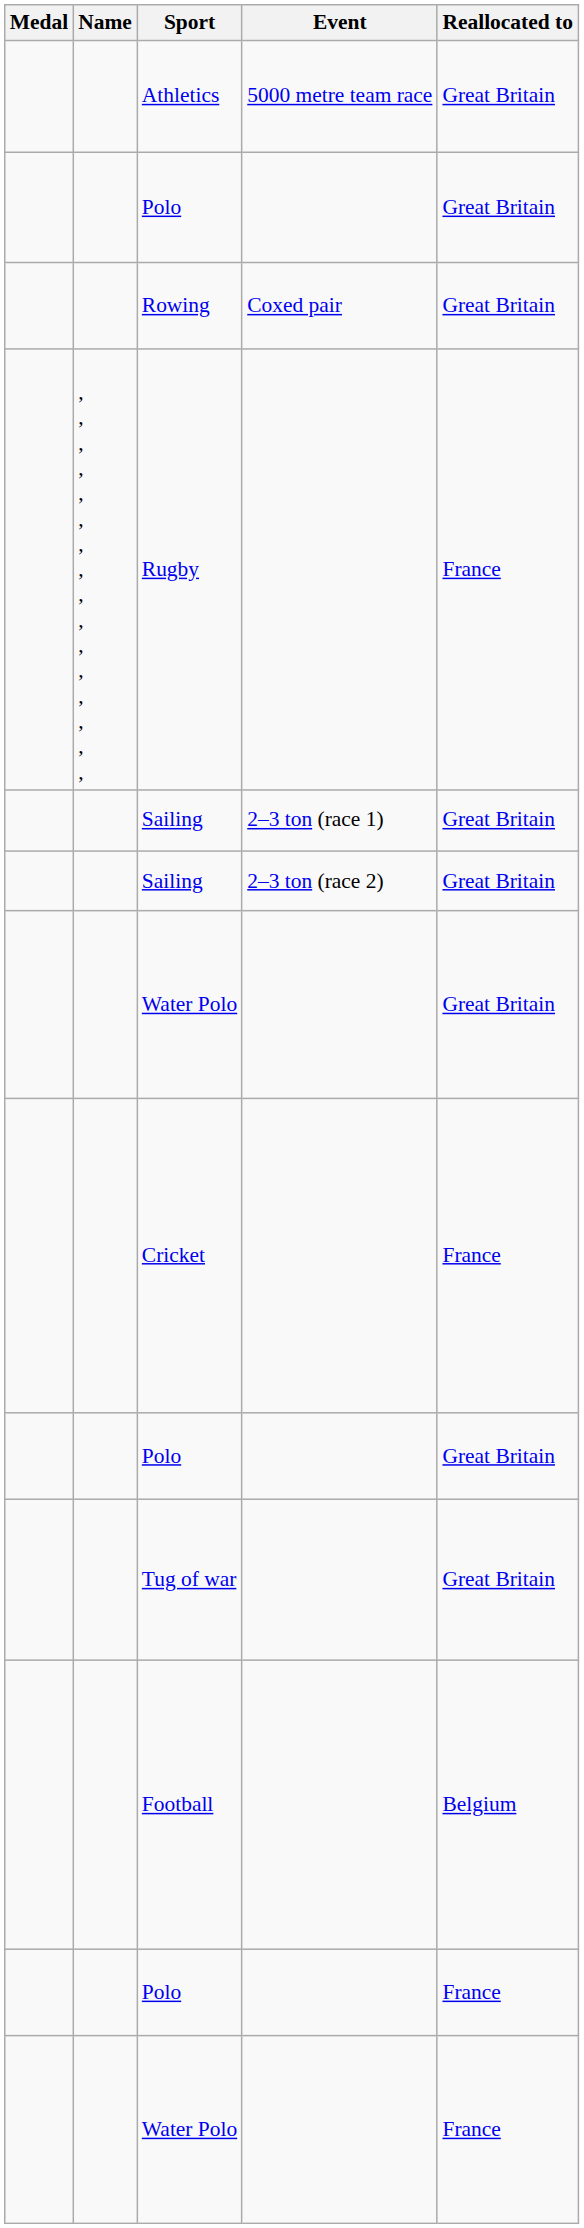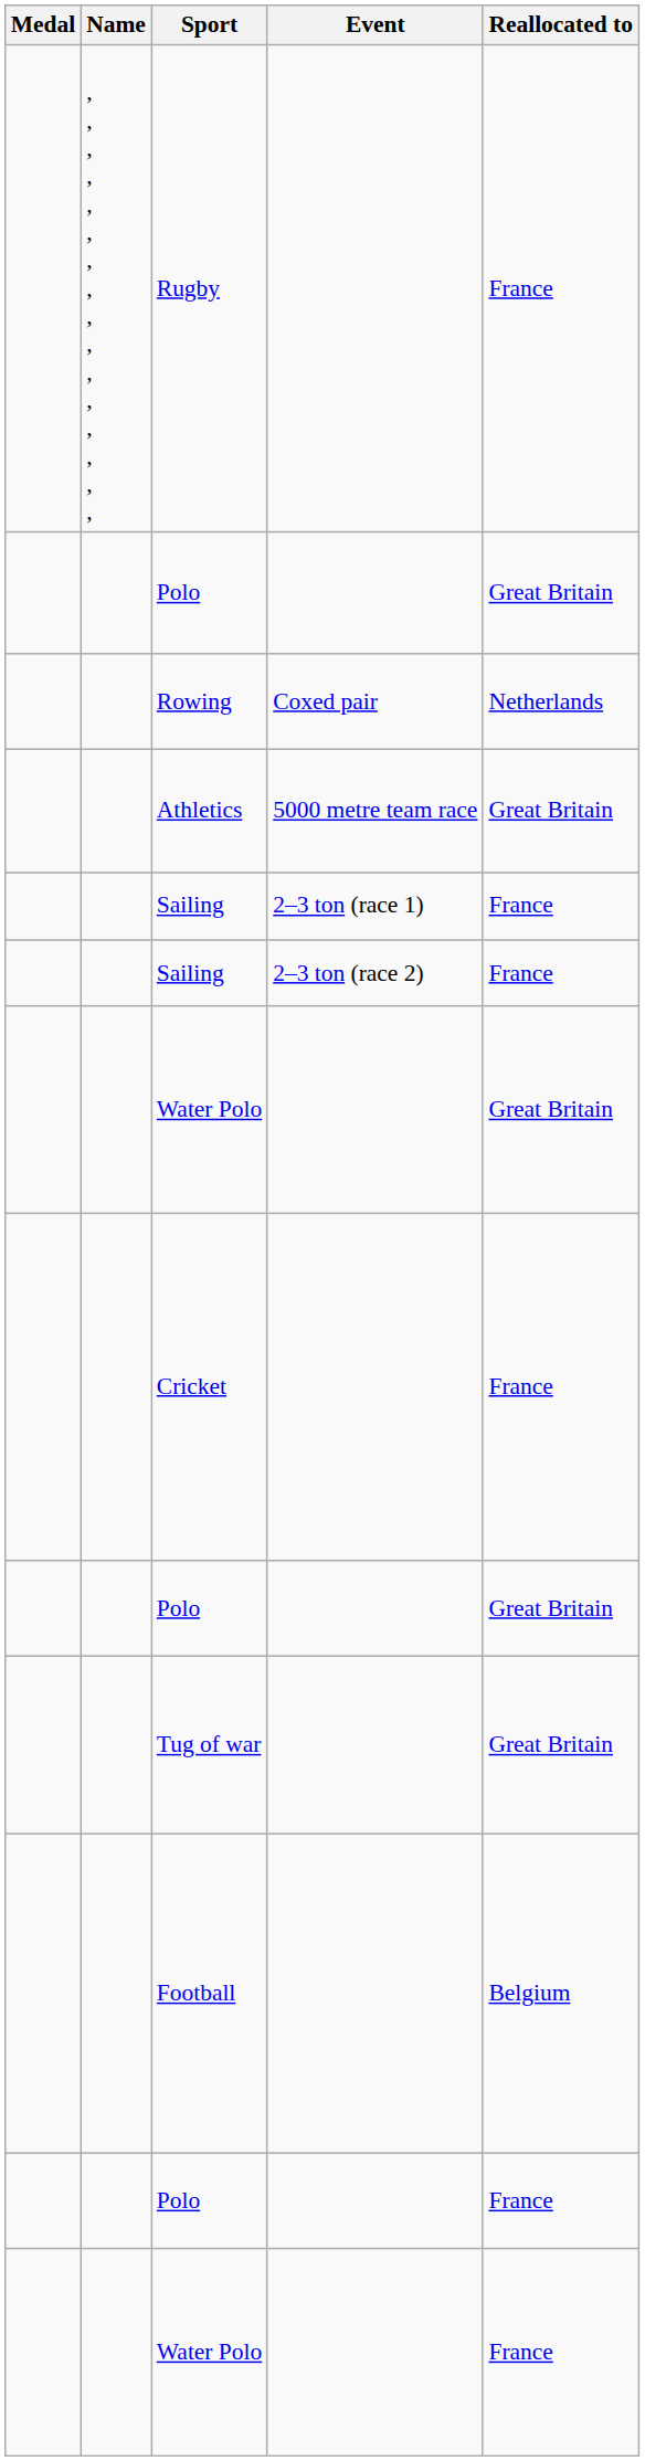 <table class="wikitable sortable" style="font-size:90%">
 <tr>
 <th>Medal</th>
 <th>Name</th>
 <th>Sport</th>
 <th>Event</th>
 <th>Reallocated to</th>
 </tr>
 <tr>
 <td></td>
-<td> <br> <br> <br> <br></td>
-<td><a href='#'>Athletics</a></td>
-<td><a href='#'>5000 metre team race</a></td>
-<td><a href='#'>Great Britain</a></td>
+<td><br>,<br> ,<br>  ,<br>  ,<br>  ,<br>  ,<br>  ,<br> ,<br> ,<br> ,<br>  ,<br> ,<br> ,<br>  ,<br>  ,<br>  ,<br>  </td>
+<td><a href='#'>Rugby</a></td>
+<td></td>
+<td><a href='#'>France</a></td>
 </tr>
 <tr>
 <td></td>
 <td> <br> <br> <br><br></td>
 <td><a href='#'>Polo</a></td>
 <td></td>
 <td><a href='#'>Great Britain</a></td>
 </tr>
 <tr>
 <td></td>
 <td> <br> <br> <br></td>
 <td><a href='#'>Rowing</a></td>
 <td><a href='#'>Coxed pair</a></td>
+<td><a href='#'>Netherlands</a></td>
+</tr>
+<tr>
+<td></td>
+<td> <br> <br> <br> <br></td>
+<td><a href='#'>Athletics</a></td>
+<td><a href='#'>5000 metre team race</a></td>
 <td><a href='#'>Great Britain</a></td>
 </tr>
 <tr>
 <td></td>
-<td><br>,<br> ,<br>  ,<br>  ,<br>  ,<br>  ,<br>  ,<br> ,<br> ,<br> ,<br>  ,<br> ,<br> ,<br>  ,<br>  ,<br>  ,<br>  </td>
-<td><a href='#'>Rugby</a></td>
-<td></td>
+<td> <br> <br></td>
+<td><a href='#'>Sailing</a></td>
+<td><a href='#'>2–3 ton</a> (race 1)</td>
 <td><a href='#'>France</a></td>
 </tr>
 <tr>
 <td></td>
 <td> <br> <br></td>
 <td><a href='#'>Sailing</a></td>
-<td><a href='#'>2–3 ton</a> (race 1)</td>
-<td><a href='#'>Great Britain</a></td>
-</tr>
-<tr>
-<td></td>
-<td> <br> <br></td>
-<td><a href='#'>Sailing</a></td>
 <td><a href='#'>2–3 ton</a> (race 2)</td>
-<td><a href='#'>Great Britain</a></td>
+<td><a href='#'>France</a></td>
 </tr>
 <tr>
 <td></td>
 <td><br><br> <br> <br> <br> <br> <br> </td>
 <td><a href='#'>Water Polo</a></td>
 <td></td>
 <td><a href='#'>Great Britain</a></td>
 </tr>
 <tr>
 <td></td>
 <td><br><br> <br> <br> <br> <br> <br> <br> <br> <br> <br> <br> </td>
 <td><a href='#'>Cricket</a></td>
 <td></td>
 <td><a href='#'>France</a></td>
 </tr>
 <tr>
 <td></td>
 <td> <br> <br> <br></td>
 <td><a href='#'>Polo</a></td>
 <td></td>
 <td><a href='#'>Great Britain</a></td>
 </tr>
 <tr>
 <td></td>
 <td><br><br> <br> <br> <br> <br> </td>
 <td><a href='#'>Tug of war</a></td>
 <td></td>
 <td><a href='#'>Great Britain</a></td>
 </tr>
 <tr>
 <td></td>
 <td><br><br> <br> <br> <br> <br> <br> <br> <br> <br> <br> </td>
 <td><a href='#'>Football</a></td>
 <td></td>
 <td><a href='#'>Belgium</a></td>
 </tr>
 <tr>
 <td></td>
 <td> <br> <br> <br></td>
 <td><a href='#'>Polo</a></td>
 <td></td>
 <td><a href='#'>France</a></td>
 </tr>
 <tr>
 <td><br></td>
 <td><br><br> <br> <br> <br> <br> <br> </td>
 <td><a href='#'>Water Polo</a></td>
 <td></td>
 <td><a href='#'>France</a></td>
 </tr>
 </table>
